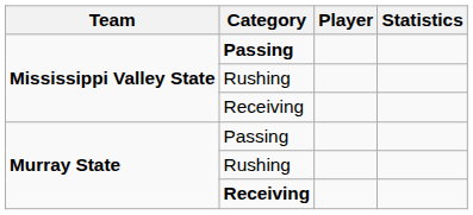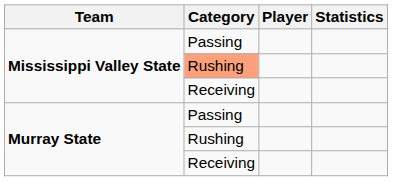 <table class="wikitable" style="float: left;">
 <tr>
 <th>Team</th>
 <th>Category</th>
 <th>Player</th>
 <th>Statistics</th>
 </tr>
 <tr>
 <td rowspan=3><strong>Mississippi Valley State</strong></td>
-<td><strong>Passing</strong></td>
+<td>Passing</td>
 <td> </td>
 <td> </td>
 </tr>
 <tr>
-<td>Rushing</td>
+<td style="background: lightsalmon;">Rushing</td>
 <td> </td>
 <td> </td>
 </tr>
 <tr>
 <td>Receiving</td>
 <td> </td>
 <td> </td>
 </tr>
 <tr>
 <td rowspan=3><strong>Murray State</strong></td>
 <td>Passing</td>
 <td> </td>
 <td> </td>
 </tr>
 <tr>
 <td>Rushing</td>
 <td> </td>
 <td> </td>
 </tr>
 <tr>
-<td><strong>Receiving</strong></td>
+<td>Receiving</td>
 <td> </td>
 <td> </td>
 </tr>
 </table>
